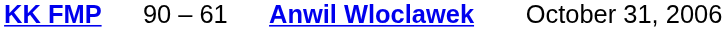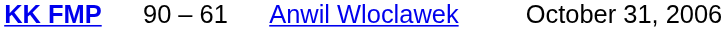 <table style="text-align:center">
 <tr>
 <th width=160></th>
 <th width=100></th>
 <th width=160></th>
 <th width=200></th>
 </tr>
 <tr>
 <td align=right><strong><a href='#'>KK FMP</a></strong> </td>
 <td>90 – 61</td>
-<td align=left><strong> <a href='#'>Anwil Wloclawek</a></strong></td>
+<td align=left> <a href='#'>Anwil Wloclawek</a></td>
 <td align=left>October 31, 2006</td>
 </tr>
 </table>
